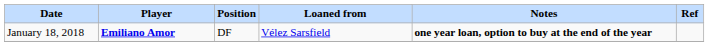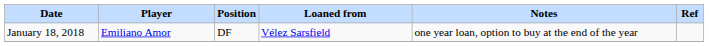 <table class="wikitable" style="text-align:left; font-size:95%;">
 <tr>
 <th style="background:#c2ddff; width:120px;">Date</th>
 <th style="background:#c2ddff; width:150px;">Player</th>
 <th style="background:#c2ddff; width:50px;">Position</th>
 <th style="background:#c2ddff; width:200px;">Loaned from</th>
 <th style="background:#c2ddff; width:350px;">Notes</th>
 <th style="background:#c2ddff; width:30px;">Ref</th>
 </tr>
 <tr>
 <td>January 18, 2018</td>
-<td><strong> <a href='#'>Emiliano Amor</a></strong></td>
+<td> <a href='#'>Emiliano Amor</a></td>
 <td>DF</td>
 <td><a href='#'>Vélez Sarsfield</a></td>
-<td><strong>one year loan, option to buy at the end of the year</strong></td>
+<td>one year loan, option to buy at the end of the year</td>
 <td></td>
 </tr>
 <tr>
 </tr>
 </table>
